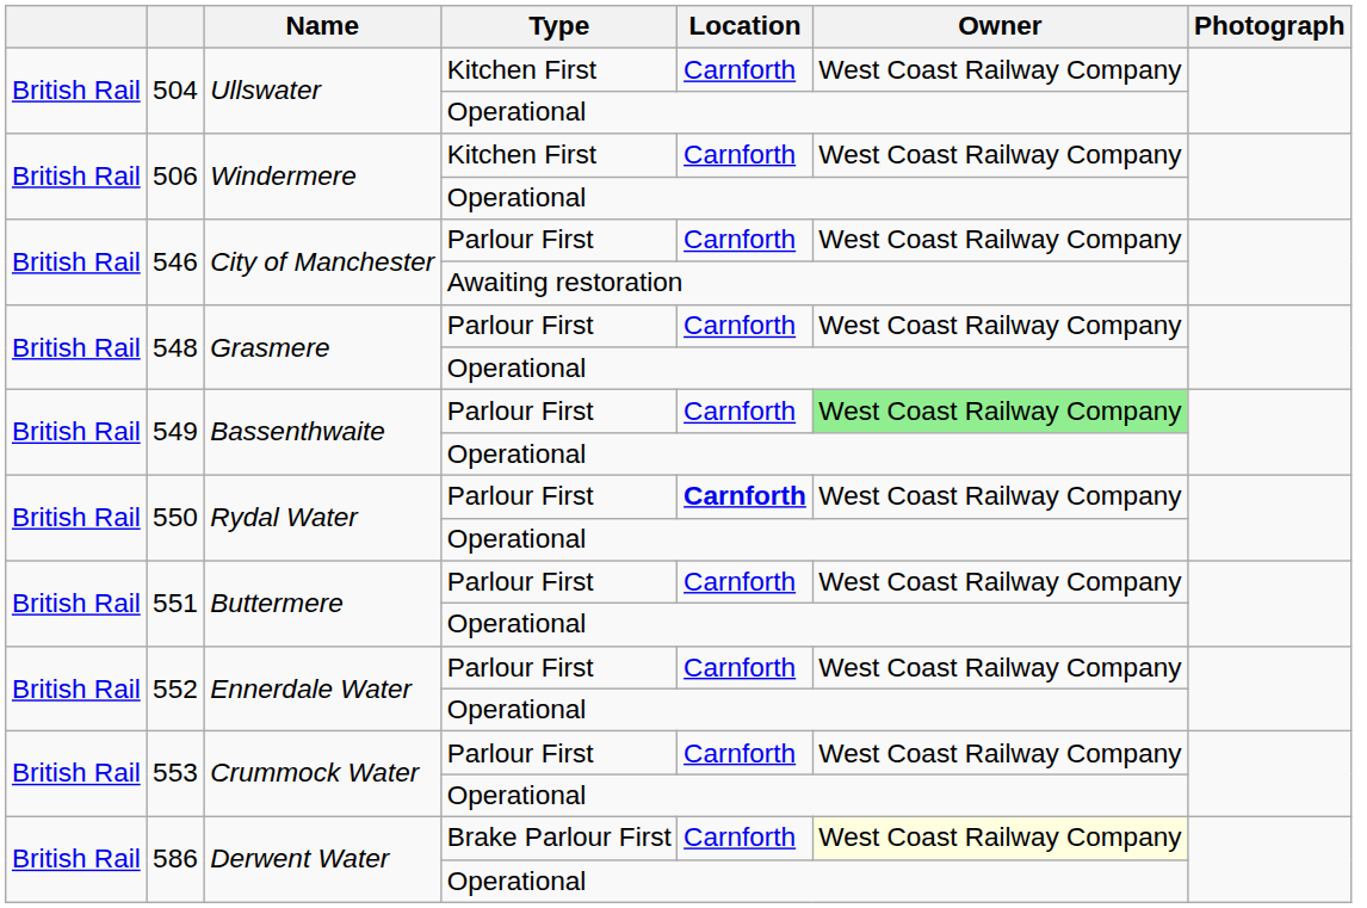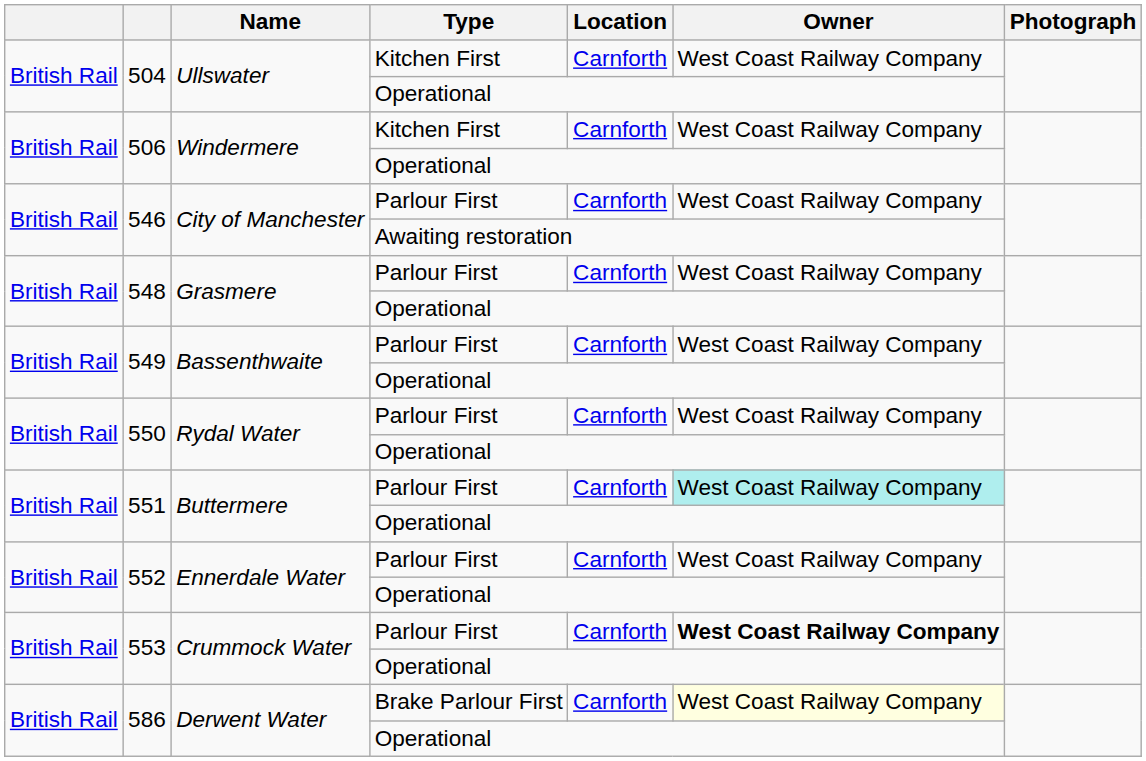 <table class="wikitable sortable">
 <tr>
 <th></th>
 <th></th>
 <th>Name</th>
 <th>Type</th>
 <th>Location</th>
 <th>Owner</th>
 <th class="unsortable">Photograph</th>
 </tr>
 <tr>
 <td rowspan="2"><a href='#'>British Rail</a></td>
 <td rowspan="2">504</td>
 <td rowspan="2"><em>Ullswater</em></td>
 <td>Kitchen First</td>
 <td><a href='#'>Carnforth</a></td>
 <td>West Coast Railway Company</td>
 <td rowspan="2"></td>
 </tr>
 <tr>
 <td colspan="3">Operational</td>
 </tr>
 <tr>
 <td rowspan="2"><a href='#'>British Rail</a></td>
 <td rowspan="2">506</td>
 <td rowspan="2"><em>Windermere</em></td>
 <td>Kitchen First</td>
 <td><a href='#'>Carnforth</a></td>
 <td>West Coast Railway Company</td>
 <td rowspan="2"></td>
 </tr>
 <tr>
 <td colspan="3">Operational</td>
 </tr>
 <tr>
 <td rowspan="2"><a href='#'>British Rail</a></td>
 <td rowspan="2">546</td>
 <td rowspan="2"><em>City of Manchester</em></td>
 <td>Parlour First</td>
 <td><a href='#'>Carnforth</a></td>
 <td>West Coast Railway Company</td>
 <td rowspan="2"></td>
 </tr>
 <tr>
 <td Colspan="3">Awaiting restoration</td>
 </tr>
 <tr>
 <td rowspan="2"><a href='#'>British Rail</a></td>
 <td rowspan="2">548</td>
 <td rowspan="2"><em>Grasmere</em></td>
 <td>Parlour First</td>
 <td><a href='#'>Carnforth</a></td>
 <td>West Coast Railway Company</td>
 <td rowspan="2"></td>
 </tr>
 <tr>
 <td colspan="3">Operational</td>
 </tr>
 <tr>
 <td rowspan="2"><a href='#'>British Rail</a></td>
 <td rowspan="2">549</td>
 <td rowspan="2"><em>Bassenthwaite</em></td>
 <td>Parlour First</td>
 <td><a href='#'>Carnforth</a></td>
-<td style="background: lightgreen;">West Coast Railway Company</td>
+<td>West Coast Railway Company</td>
 <td rowspan="2"></td>
 </tr>
 <tr>
 <td colspan="3">Operational</td>
 </tr>
 <tr>
 <td rowspan="2"><a href='#'>British Rail</a></td>
 <td rowspan="2">550</td>
 <td rowspan="2"><em>Rydal Water</em></td>
 <td>Parlour First</td>
-<td><strong><a href='#'>Carnforth</a></strong></td>
+<td><a href='#'>Carnforth</a></td>
 <td>West Coast Railway Company</td>
 <td rowspan="2"></td>
 </tr>
 <tr>
 <td colspan="3">Operational</td>
 </tr>
 <tr>
 <td rowspan="2"><a href='#'>British Rail</a></td>
 <td rowspan="2">551</td>
 <td rowspan="2"><em>Buttermere</em></td>
 <td>Parlour First</td>
 <td><a href='#'>Carnforth</a></td>
-<td>West Coast Railway Company</td>
+<td style="background: paleturquoise;">West Coast Railway Company</td>
 <td rowspan="2"></td>
 </tr>
 <tr>
 <td colspan="3">Operational</td>
 </tr>
 <tr>
 <td rowspan="2"><a href='#'>British Rail</a></td>
 <td rowspan="2">552</td>
 <td rowspan="2"><em>Ennerdale Water</em></td>
 <td>Parlour First</td>
 <td><a href='#'>Carnforth</a></td>
 <td>West Coast Railway Company</td>
 <td rowspan="2"></td>
 </tr>
 <tr>
 <td colspan="3">Operational</td>
 </tr>
 <tr>
 <td rowspan="2"><a href='#'>British Rail</a></td>
 <td rowspan="2">553</td>
 <td rowspan="2"><em>Crummock Water</em></td>
 <td>Parlour First</td>
 <td><a href='#'>Carnforth</a></td>
-<td>West Coast Railway Company</td>
+<td><strong>West Coast Railway Company</strong></td>
 <td rowspan="2"></td>
 </tr>
 <tr>
 <td colspan="3">Operational</td>
 </tr>
 <tr>
 <td rowspan="2"><a href='#'>British Rail</a></td>
 <td rowspan="2">586</td>
 <td rowspan="2"><em>Derwent Water</em></td>
 <td>Brake Parlour First</td>
 <td><a href='#'>Carnforth</a></td>
 <td style="background: lightyellow;">West Coast Railway Company</td>
 <td rowspan="2"></td>
 </tr>
 <tr>
 <td colspan="3">Operational</td>
 </tr>
 </table>
